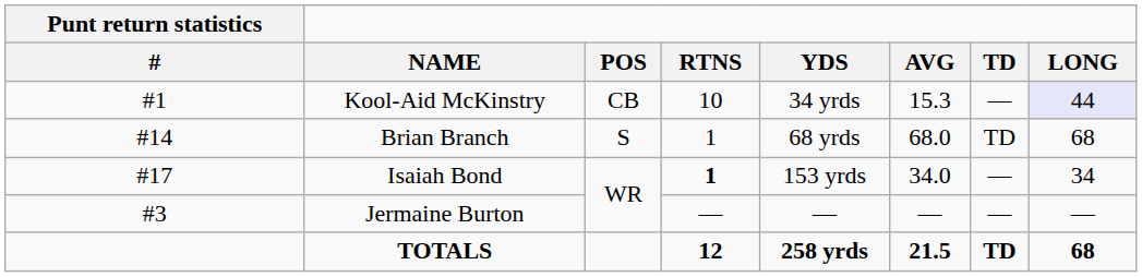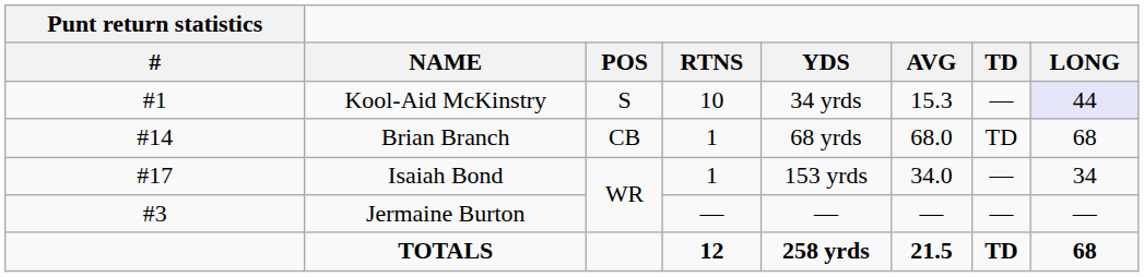 <table style="width:60%; text-align:center;" class="wikitable collapsible collapsed">
 <tr>
 <th style="text-align:center; ">Punt return statistics</th>
 </tr>
 <tr>
 <th>#</th>
 <th>NAME</th>
 <th>POS</th>
 <th>RTNS</th>
 <th>YDS</th>
 <th>AVG</th>
 <th>TD</th>
 <th>LONG</th>
 </tr>
 <tr>
 <td>#1</td>
 <td>Kool-Aid McKinstry</td>
-<td>CB</td>
+<td>S</td>
 <td>10</td>
 <td>34 yrds</td>
 <td>15.3</td>
 <td>—</td>
 <td style="background: lavender;">44</td>
 </tr>
 <tr>
 <td>#14</td>
 <td>Brian Branch</td>
-<td>S</td>
+<td>CB</td>
 <td>1</td>
 <td>68 yrds</td>
 <td>68.0</td>
 <td>TD</td>
 <td>68</td>
 </tr>
 <tr>
 <td>#17</td>
 <td>Isaiah Bond</td>
 <td rowspan=2>WR</td>
-<td><strong>1</strong></td>
+<td>1</td>
 <td>153 yrds</td>
 <td>34.0</td>
 <td>—</td>
 <td>34</td>
 </tr>
 <tr>
 <td>#3</td>
 <td>Jermaine Burton</td>
 <td>—</td>
 <td>—</td>
 <td>—</td>
 <td>—</td>
 <td>—</td>
 </tr>
 <tr>
 <td></td>
 <td><strong>TOTALS</strong></td>
 <td></td>
 <td><strong>12</strong></td>
 <td><strong>258 yrds</strong></td>
 <td><strong>21.5</strong></td>
 <td><strong>TD</strong></td>
 <td><strong>68</strong></td>
 </tr>
 </table>
